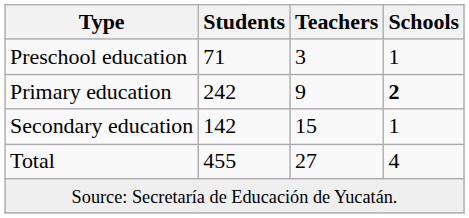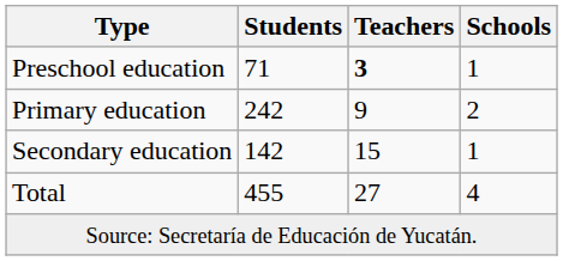 <table class="wikitable" style="margin: 1em auto;">
 <tr>
 <th>Type</th>
 <th>Students</th>
 <th>Teachers</th>
 <th>Schools</th>
 </tr>
 <tr>
 <td>Preschool education</td>
 <td>71</td>
-<td>3</td>
+<td><strong>3</strong></td>
 <td>1</td>
 </tr>
 <tr>
 <td>Primary education</td>
 <td>242</td>
 <td>9</td>
-<td><strong>2</strong></td>
+<td>2</td>
 </tr>
 <tr>
 <td>Secondary education</td>
 <td>142</td>
 <td>15</td>
 <td>1</td>
 </tr>
 <tr>
 <td>Total</td>
 <td>455</td>
 <td>27</td>
 <td>4</td>
 </tr>
 <tr>
 <td colspan=4 style="background:#efefef;" align=center><small>Source: Secretaría de Educación de Yucatán.</small></td>
 </tr>
 </table>
